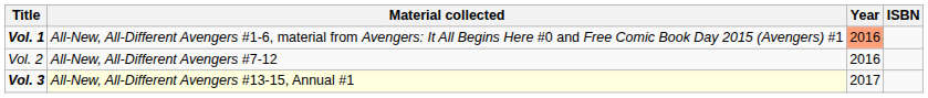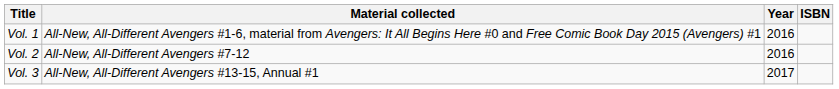 <table class="wikitable sortable">
 <tr>
 <th>Title</th>
 <th>Material collected</th>
 <th>Year</th>
 <th>ISBN</th>
 </tr>
 <tr>
-<td><strong><em>Vol. 1</em></strong></td>
+<td><em>Vol. 1</em></td>
 <td><em>All-New, All-Different Avengers</em> #1-6, material from <em>Avengers: It All Begins Here</em> #0 and <em>Free Comic Book Day 2015 (Avengers)</em> #1</td>
-<td style="background: lightsalmon;">2016</td>
+<td>2016</td>
 <td></td>
 </tr>
 <tr>
 <td><em>Vol. 2</em></td>
 <td><em>All-New, All-Different Avengers</em> #7-12</td>
 <td>2016</td>
 <td></td>
 </tr>
 <tr>
-<td><strong><em>Vol. 3</em></strong></td>
-<td style="background: lightyellow;"><em>All-New, All-Different Avengers</em> #13-15, Annual #1</td>
+<td><em>Vol. 3</em></td>
+<td><em>All-New, All-Different Avengers</em> #13-15, Annual #1</td>
 <td>2017</td>
 <td></td>
 </tr>
 </table>
